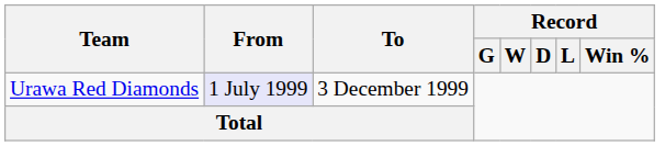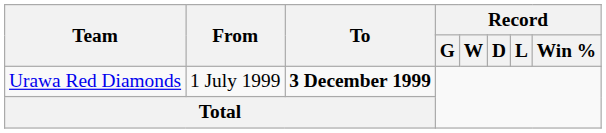 <table class="wikitable" style="text-align: center">
 <tr>
 <th rowspan="2">Team</th>
 <th rowspan="2">From</th>
 <th rowspan="2">To</th>
 <th colspan="5">Record</th>
 </tr>
 <tr>
 <th>G</th>
 <th>W</th>
 <th>D</th>
 <th>L</th>
 <th>Win %</th>
 </tr>
 <tr>
 <td align="left"><a href='#'>Urawa Red Diamonds</a></td>
-<td align="left" style="background: lavender;">1 July 1999</td>
-<td align="left">3 December 1999<br></td>
+<td align="left">1 July 1999</td>
+<td align="left"><strong>3 December 1999<br></strong></td>
 </tr>
 <tr>
 <th colspan="3">Total<br></th>
 </tr>
 </table>
